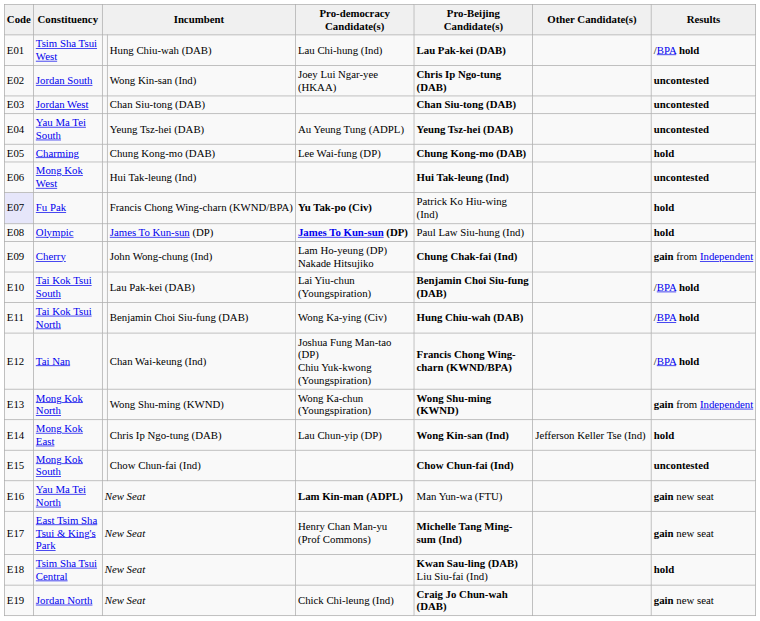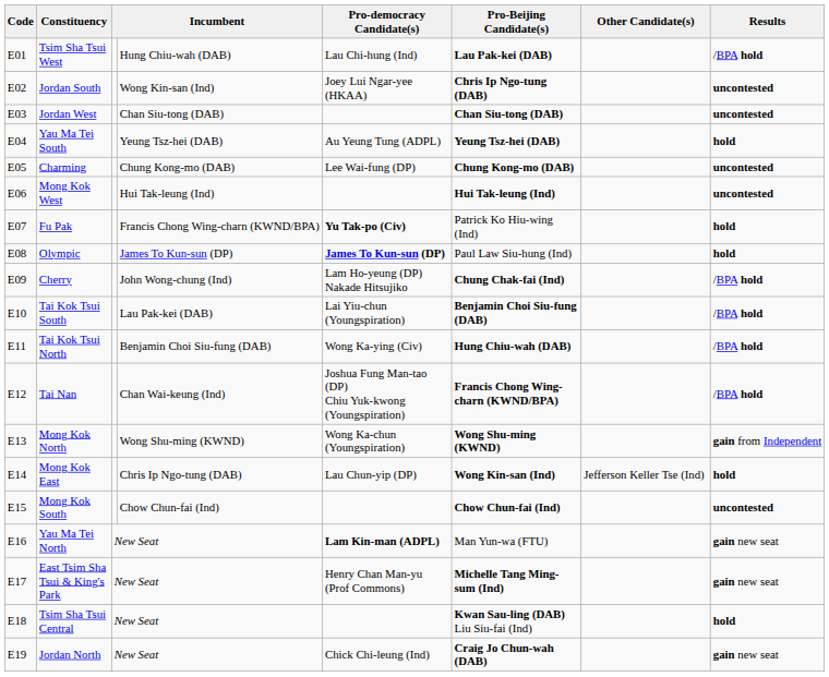 <table class="wikitable sortable" style="font-size: 95%;">
 <tr>
 <th align="center" style="background:#f0f0f0;" width="20px"><strong>Code</strong></th>
 <th align="center" style="background:#f0f0f0;" width="90px"><strong>Constituency</strong></th>
 <th align="center" style="background:#f0f0f0;" width="120px" colspan=2><strong>Incumbent</strong></th>
 <th align="center" style="background:#f0f0f0;" width="160px"><strong>Pro-democracy Candidate(s)</strong></th>
 <th align="center" style="background:#f0f0f0;" width="160px"><strong>Pro-Beijing Candidate(s)</strong></th>
 <th align="center" style="background:#f0f0f0;" width="160px"><strong>Other Candidate(s)</strong></th>
 <th align="center" style="background:#f0f0f0;" width="100px" colspan="2"><strong>Results</strong></th>
 </tr>
 <tr>
 <td>E01</td>
 <td><a href='#'>Tsim Sha Tsui West</a></td>
 <td></td>
 <td>Hung Chiu-wah (DAB)</td>
 <td>Lau Chi-hung (Ind)</td>
 <td><strong>Lau Pak-kei (DAB)</strong></td>
 <td></td>
 <td>/<a href='#'>BPA</a> <strong>hold</strong></td>
 </tr>
 <tr>
 <td>E02</td>
 <td><a href='#'>Jordan South</a></td>
 <td></td>
 <td>Wong Kin-san (Ind)</td>
 <td>Joey Lui Ngar-yee (HKAA)</td>
 <td><strong>Chris Ip Ngo-tung (DAB)</strong></td>
 <td></td>
 <td> <strong>uncontested</strong></td>
 </tr>
 <tr>
 <td>E03</td>
 <td><a href='#'>Jordan West</a></td>
 <td></td>
 <td>Chan Siu-tong (DAB)</td>
 <td></td>
 <td><strong>Chan Siu-tong (DAB)</strong></td>
 <td></td>
 <td> <strong>uncontested</strong></td>
 </tr>
 <tr>
 <td>E04</td>
 <td><a href='#'>Yau Ma Tei South</a></td>
 <td></td>
 <td>Yeung Tsz-hei (DAB)</td>
 <td>Au Yeung Tung (ADPL)</td>
 <td><strong>Yeung Tsz-hei (DAB)</strong></td>
 <td></td>
-<td> <strong>uncontested</strong></td>
+<td> <strong>hold</strong></td>
 </tr>
 <tr>
 <td>E05</td>
 <td><a href='#'>Charming</a></td>
 <td></td>
 <td>Chung Kong-mo (DAB)</td>
 <td>Lee Wai-fung (DP)</td>
 <td><strong>Chung Kong-mo (DAB)</strong></td>
 <td></td>
-<td> <strong>hold</strong></td>
+<td> <strong>uncontested</strong></td>
 </tr>
 <tr>
 <td>E06</td>
 <td><a href='#'>Mong Kok West</a></td>
 <td></td>
 <td>Hui Tak-leung (Ind)</td>
 <td></td>
 <td><strong>Hui Tak-leung (Ind)</strong></td>
 <td></td>
 <td> <strong>uncontested</strong></td>
 </tr>
 <tr>
-<td style="background: lavender;">E07</td>
+<td>E07</td>
 <td><a href='#'>Fu Pak</a></td>
 <td></td>
 <td>Francis Chong Wing-charn (KWND/BPA)</td>
 <td><strong>Yu Tak-po (Civ)</strong></td>
 <td>Patrick Ko Hiu-wing (Ind)</td>
 <td></td>
 <td> <strong>hold</strong></td>
 </tr>
 <tr>
 <td>E08</td>
 <td><a href='#'>Olympic</a></td>
 <td></td>
 <td><a href='#'>James To Kun-sun</a> (DP)</td>
 <td><strong><a href='#'>James To Kun-sun</a> (DP)</strong></td>
 <td>Paul Law Siu-hung (Ind)</td>
 <td></td>
 <td> <strong>hold</strong></td>
 </tr>
 <tr>
 <td>E09</td>
 <td><a href='#'>Cherry</a></td>
 <td></td>
 <td>John Wong-chung (Ind)</td>
 <td>Lam Ho-yeung (DP)<br>Nakade Hitsujiko</td>
 <td><strong>Chung Chak-fai (Ind)</strong></td>
 <td></td>
-<td> <strong>gain</strong> from <a href='#'>Independent</a></td>
+<td>/<a href='#'>BPA</a> <strong>hold</strong></td>
 </tr>
 <tr>
 <td>E10</td>
 <td><a href='#'>Tai Kok Tsui South</a></td>
 <td></td>
 <td>Lau Pak-kei (DAB)</td>
 <td>Lai Yiu-chun (Youngspiration)</td>
 <td><strong>Benjamin Choi Siu-fung (DAB)</strong></td>
 <td></td>
 <td>/<a href='#'>BPA</a> <strong>hold</strong></td>
 </tr>
 <tr>
 <td>E11</td>
 <td><a href='#'>Tai Kok Tsui North</a></td>
 <td></td>
 <td>Benjamin Choi Siu-fung (DAB)</td>
 <td>Wong Ka-ying (Civ)</td>
 <td><strong>Hung Chiu-wah (DAB)</strong></td>
 <td></td>
 <td>/<a href='#'>BPA</a> <strong>hold</strong></td>
 </tr>
 <tr>
 <td>E12</td>
 <td><a href='#'>Tai Nan</a></td>
 <td></td>
 <td>Chan Wai-keung (Ind)</td>
 <td>Joshua Fung Man-tao (DP)<br>Chiu Yuk-kwong (Youngspiration)</td>
 <td><strong>Francis Chong Wing-charn (KWND/BPA)</strong></td>
 <td></td>
 <td>/<a href='#'>BPA</a> <strong>hold</strong></td>
 </tr>
 <tr>
 <td>E13</td>
 <td><a href='#'>Mong Kok North</a></td>
 <td></td>
 <td>Wong Shu-ming (KWND)</td>
 <td>Wong Ka-chun (Youngspiration)</td>
 <td><strong>Wong Shu-ming (KWND)</strong></td>
 <td></td>
 <td> <strong>gain</strong> from <a href='#'>Independent</a></td>
 </tr>
 <tr>
 <td>E14</td>
 <td><a href='#'>Mong Kok East</a></td>
 <td></td>
 <td>Chris Ip Ngo-tung (DAB)</td>
 <td>Lau Chun-yip (DP)</td>
 <td><strong>Wong Kin-san (Ind)</strong></td>
 <td>Jefferson Keller Tse (Ind)</td>
 <td> <strong>hold</strong></td>
 </tr>
 <tr>
 <td>E15</td>
 <td><a href='#'>Mong Kok South</a></td>
 <td></td>
 <td>Chow Chun-fai (Ind)</td>
 <td></td>
 <td><strong>Chow Chun-fai (Ind)</strong></td>
 <td></td>
 <td> <strong>uncontested</strong></td>
 </tr>
 <tr>
 <td>E16</td>
 <td><a href='#'>Yau Ma Tei North</a></td>
 <td colspan=2><em>New Seat</em></td>
 <td><strong>Lam Kin-man (ADPL)</strong></td>
 <td>Man Yun-wa (FTU)</td>
 <td></td>
 <td> <strong>gain</strong> new seat</td>
 </tr>
 <tr>
 <td>E17</td>
 <td><a href='#'>East Tsim Sha Tsui & King's Park</a></td>
 <td colspan=2><em>New Seat</em></td>
 <td>Henry Chan Man-yu (Prof Commons)</td>
 <td><strong>Michelle Tang Ming-sum (Ind)</strong></td>
 <td></td>
 <td> <strong>gain</strong> new seat</td>
 </tr>
 <tr>
 <td>E18</td>
 <td><a href='#'>Tsim Sha Tsui Central</a></td>
 <td colspan=2><em>New Seat</em></td>
 <td></td>
 <td><strong>Kwan Sau-ling (DAB)</strong> <br>Liu Siu-fai (Ind)</td>
 <td></td>
 <td> <strong>hold</strong></td>
 </tr>
 <tr>
 <td>E19</td>
 <td><a href='#'>Jordan North</a></td>
 <td colspan=2><em>New Seat</em></td>
 <td>Chick Chi-leung (Ind)</td>
 <td><strong>Craig Jo Chun-wah (DAB)</strong></td>
 <td></td>
 <td> <strong>gain</strong> new seat</td>
 </tr>
 </table>
